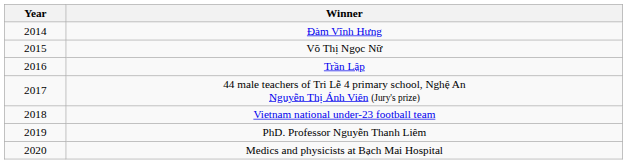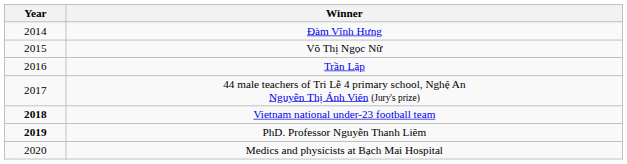 <table class="wikitable" style="text-align: center; width:100%">
 <tr>
 <th>Year</th>
 <th>Winner</th>
 </tr>
 <tr>
 <td>2014</td>
 <td><a href='#'>Đàm Vĩnh Hưng</a></td>
 </tr>
 <tr>
 <td>2015</td>
 <td>Võ Thị Ngọc Nữ</td>
 </tr>
 <tr>
 <td>2016</td>
 <td><a href='#'>Trần Lập</a></td>
 </tr>
 <tr>
 <td>2017</td>
 <td>44 male teachers of Tri Lễ 4 primary school, Nghệ An<br><a href='#'>Nguyễn Thị Ánh Viên</a> <small>(Jury's prize)</small></td>
 </tr>
 <tr>
-<td>2018</td>
+<td><strong>2018</strong></td>
 <td><a href='#'>Vietnam national under-23 football team</a></td>
 </tr>
 <tr>
-<td>2019</td>
+<td><strong>2019</strong></td>
 <td>PhD. Professor Nguyễn Thanh Liêm</td>
 </tr>
 <tr>
 <td>2020</td>
 <td>Medics and physicists at Bạch Mai Hospital</td>
 </tr>
 </table>
